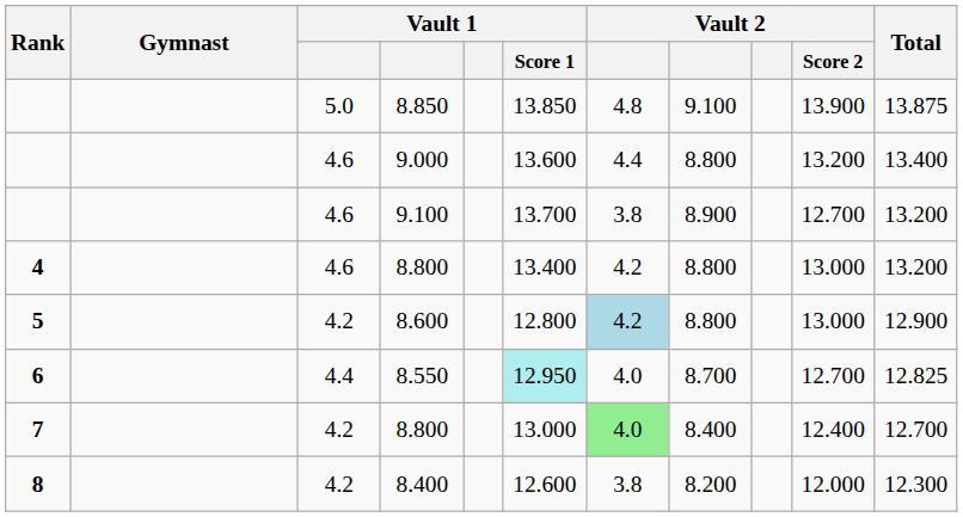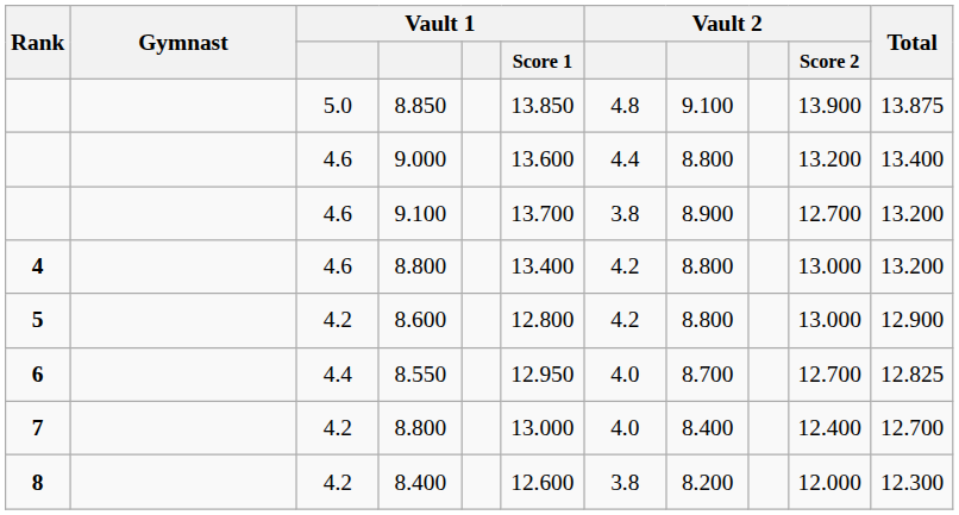 <table class="wikitable sortable" style="text-align:center;">
 <tr>
 <th rowspan="2" style="width:15px;">Rank</th>
 <th rowspan="2" style="width:150px;">Gymnast</th>
 <th colspan="4">Vault 1</th>
 <th colspan="4">Vault 2</th>
 <th rowspan="2" style="width:50px;">Total</th>
 </tr>
 <tr>
 <th style="width:50px;"><small></small></th>
 <th style="width:50px;"><small></small></th>
 <th style="width:20px;"><small></small></th>
 <th style="width:50px;"><small>Score 1</small></th>
 <th style="width:50px;"><small></small></th>
 <th style="width:50px;"><small></small></th>
 <th style="width:20px;"><small></small></th>
 <th style="width:50px;"><small>Score 2</small></th>
 </tr>
 <tr>
 <td scope="row" style="text-align:center"></td>
 <td style="height:30px; text-align:left;"></td>
 <td>5.0</td>
 <td>8.850</td>
 <td></td>
 <td>13.850</td>
 <td>4.8</td>
 <td>9.100</td>
 <td></td>
 <td>13.900</td>
 <td>13.875</td>
 </tr>
 <tr>
 <td scope="row" style="text-align:center"></td>
 <td style="height:30px; text-align:left;"></td>
 <td>4.6</td>
 <td>9.000</td>
 <td></td>
 <td>13.600</td>
 <td>4.4</td>
 <td>8.800</td>
 <td></td>
 <td>13.200</td>
 <td>13.400</td>
 </tr>
 <tr>
 <td scope="row" style="text-align:center"></td>
 <td style="height:30px; text-align:left;"></td>
 <td>4.6</td>
 <td>9.100</td>
 <td></td>
 <td>13.700</td>
 <td>3.8</td>
 <td>8.900</td>
 <td></td>
 <td>12.700</td>
 <td>13.200</td>
 </tr>
 <tr>
 <td scope="row" style="text-align:center"><strong>4</strong></td>
 <td style="height:30px; text-align:left;"></td>
 <td>4.6</td>
 <td>8.800</td>
 <td></td>
 <td>13.400</td>
 <td>4.2</td>
 <td>8.800</td>
 <td></td>
 <td>13.000</td>
 <td>13.200</td>
 </tr>
 <tr>
 <td scope="row" style="text-align:center"><strong>5</strong></td>
 <td style="height:30px; text-align:left;"></td>
 <td>4.2</td>
 <td>8.600</td>
 <td></td>
 <td>12.800</td>
-<td style="background: lightblue;">4.2</td>
+<td>4.2</td>
 <td>8.800</td>
 <td></td>
 <td>13.000</td>
 <td>12.900</td>
 </tr>
 <tr>
 <td scope="row" style="text-align:center"><strong>6</strong></td>
 <td style="height:30px; text-align:left;"></td>
 <td>4.4</td>
 <td>8.550</td>
 <td></td>
-<td style="background: paleturquoise;">12.950</td>
+<td>12.950</td>
 <td>4.0</td>
 <td>8.700</td>
 <td></td>
 <td>12.700</td>
 <td>12.825</td>
 </tr>
 <tr>
 <td scope="row" style="text-align:center"><strong>7</strong></td>
 <td style="height:30px; text-align:left;"></td>
 <td>4.2</td>
 <td>8.800</td>
 <td></td>
 <td>13.000</td>
-<td style="background: lightgreen;">4.0</td>
+<td>4.0</td>
 <td>8.400</td>
 <td></td>
 <td>12.400</td>
 <td>12.700</td>
 </tr>
 <tr>
 <td scope="row" style="text-align:center"><strong>8</strong></td>
 <td style="height:30px; text-align:left;"></td>
 <td>4.2</td>
 <td>8.400</td>
 <td></td>
 <td>12.600</td>
 <td>3.8</td>
 <td>8.200</td>
 <td></td>
 <td>12.000</td>
 <td>12.300</td>
 </tr>
 </table>
